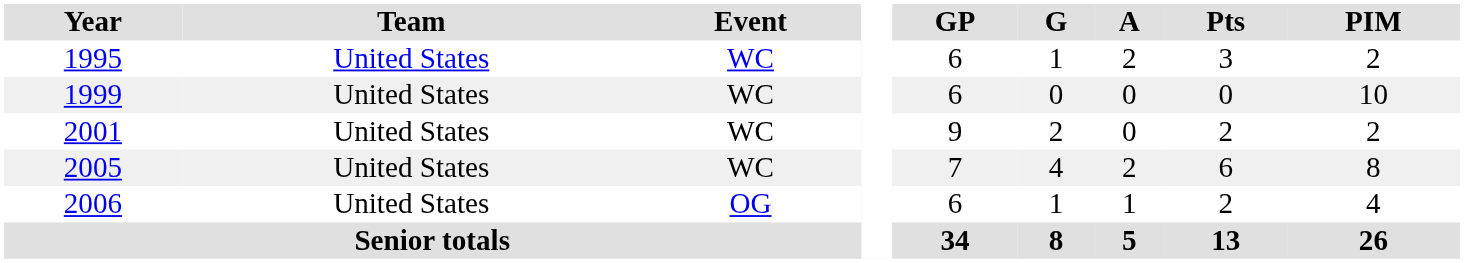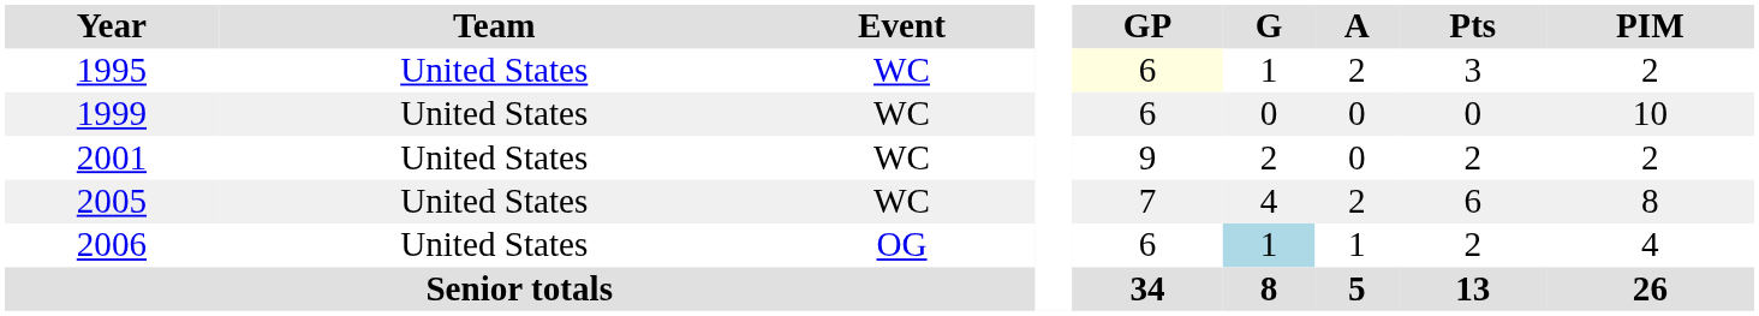 <table border="0" cellpadding="1" cellspacing="0" style="text-align:center; width:50em">
 <tr ALIGN="center" bgcolor="#e0e0e0">
 <th>Year</th>
 <th>Team</th>
 <th>Event</th>
 <th rowspan="99" bgcolor="#ffffff"> </th>
 <th>GP</th>
 <th>G</th>
 <th>A</th>
 <th>Pts</th>
 <th>PIM</th>
 </tr>
 <tr>
 <td><a href='#'>1995</a></td>
 <td><a href='#'>United States</a></td>
 <td><a href='#'>WC</a></td>
-<td>6</td>
+<td style="background: lightyellow;">6</td>
 <td>1</td>
 <td>2</td>
 <td>3</td>
 <td>2</td>
 </tr>
 <tr bgcolor="#f0f0f0">
 <td><a href='#'>1999</a></td>
 <td>United States</td>
 <td>WC</td>
 <td>6</td>
 <td>0</td>
 <td>0</td>
 <td>0</td>
 <td>10</td>
 </tr>
 <tr>
 <td><a href='#'>2001</a></td>
 <td>United States</td>
 <td>WC</td>
 <td>9</td>
 <td>2</td>
 <td>0</td>
 <td>2</td>
 <td>2</td>
 </tr>
 <tr bgcolor="#f0f0f0">
 <td><a href='#'>2005</a></td>
 <td>United States</td>
 <td>WC</td>
 <td>7</td>
 <td>4</td>
 <td>2</td>
 <td>6</td>
 <td>8</td>
 </tr>
 <tr>
 <td><a href='#'>2006</a></td>
 <td>United States</td>
 <td><a href='#'>OG</a></td>
 <td>6</td>
-<td>1</td>
+<td style="background: lightblue;">1</td>
 <td>1</td>
 <td>2</td>
 <td>4</td>
 </tr>
 <tr bgcolor="#e0e0e0">
 <th colspan=3>Senior totals</th>
 <th>34</th>
 <th>8</th>
 <th>5</th>
 <th>13</th>
 <th>26</th>
 </tr>
 </table>
